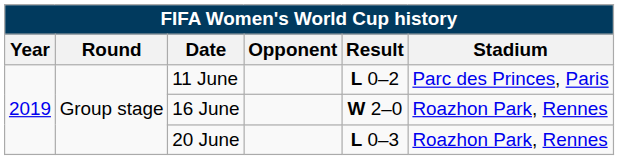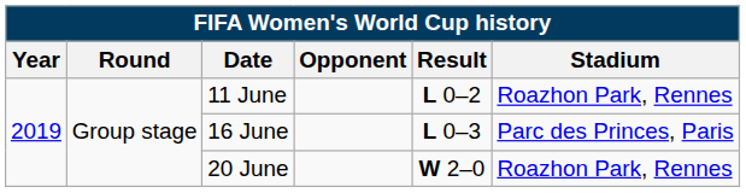 <table class="wikitable collapsible" style="text-align: center;font-size:100%;">
 <tr>
 <th colspan=6 style="background: #013A5E; color: #FFFFFF;">FIFA Women's World Cup history</th>
 </tr>
 <tr>
 <th>Year</th>
 <th>Round</th>
 <th>Date</th>
 <th>Opponent</th>
 <th>Result</th>
 <th>Stadium</th>
 </tr>
 <tr>
 <td rowspan=3> <a href='#'>2019</a></td>
 <td rowspan=3>Group stage</td>
 <td align="left">11 June</td>
 <td align="left"></td>
 <td><strong>L</strong> 0–2</td>
-<td align="left"><a href='#'>Parc des Princes</a>, <a href='#'>Paris</a></td>
+<td align="left"><a href='#'>Roazhon Park</a>, <a href='#'>Rennes</a></td>
 </tr>
 <tr>
 <td align="left">16 June</td>
 <td align="left"></td>
-<td><strong>W</strong> 2–0</td>
-<td align="left"><a href='#'>Roazhon Park</a>, <a href='#'>Rennes</a></td>
+<td><strong>L</strong> 0–3</td>
+<td align="left"><a href='#'>Parc des Princes</a>, <a href='#'>Paris</a></td>
 </tr>
 <tr>
 <td align="left">20 June</td>
 <td align="left"></td>
-<td><strong>L</strong> 0–3</td>
+<td><strong>W</strong> 2–0</td>
 <td align="left"><a href='#'>Roazhon Park</a>, <a href='#'>Rennes</a></td>
 </tr>
 </table>
